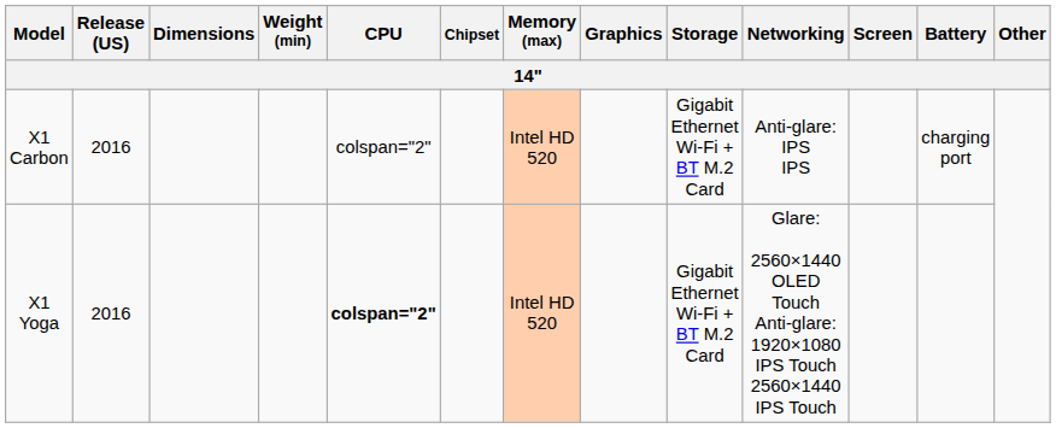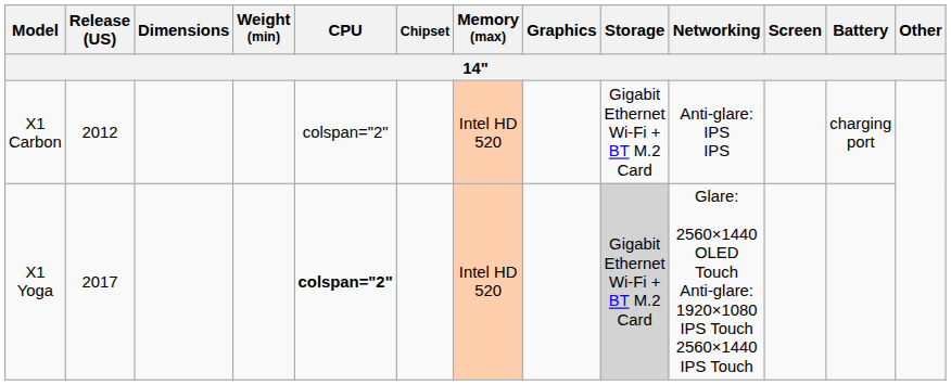 <table class="wikitable" style="font-size: 80%; text-align: center; min-width: 80%;">
 <tr>
 <th>Model</th>
 <th>Release (US)</th>
 <th>Dimensions</th>
 <th>Weight <sup>(min)</sup></th>
 <th style="width:17%">CPU</th>
 <th><small>Chipset</small></th>
 <th>Memory <sup>(max)</sup></th>
 <th>Graphics</th>
 <th>Storage</th>
 <th>Networking</th>
 <th>Screen</th>
 <th>Battery</th>
 <th>Other</th>
 </tr>
 <tr>
 <th colspan=13>14"</th>
 </tr>
 <tr>
 <td>X1 Carbon </td>
-<td>2016</td>
+<td>2012</td>
 <td></td>
 <td></td>
 <td>colspan="2" </td>
 <td></td>
 <td style="background:#ffcead;">Intel HD 520</td>
 <td></td>
 <td> Gigabit Ethernet<br>Wi-Fi + <a href='#'>BT</a> M.2 Card<br><small></small></td>
 <td style="background:">Anti-glare: <br> IPS <br> IPS</td>
 <td></td>
 <td> charging port</td>
 </tr>
 <tr>
 <td>X1 Yoga</td>
-<td>2016</td>
+<td>2017</td>
 <td></td>
 <td></td>
 <td><strong>colspan="2" </strong></td>
 <td></td>
 <td style="background:#ffcead;">Intel HD 520</td>
 <td></td>
-<td> Gigabit Ethernet<br>Wi-Fi + <a href='#'>BT</a> M.2 Card<br><small></small></td>
+<td style="background: lightgrey;"> Gigabit Ethernet<br>Wi-Fi + <a href='#'>BT</a> M.2 Card<br><small></small></td>
 <td style="background:">Glare: <br><br>2560×1440 OLED Touch<br>Anti-glare: <br> 1920×1080 IPS Touch<br> 2560×1440 IPS Touch</td>
 <td></td>
 <td></td>
 </tr>
 </table>
